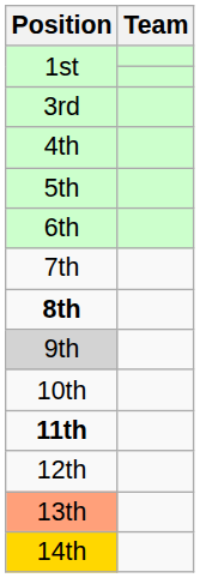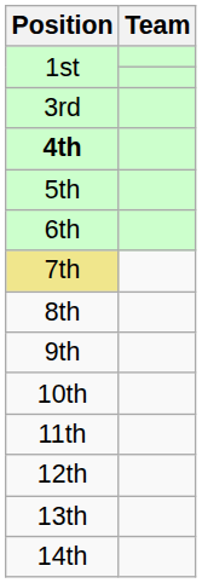 <table class="wikitable">
 <tr>
 <th>Position</th>
 <th>Team</th>
 </tr>
 <tr style="background:#cfc">
 <td style="text-align:center" rowspan=2>1st</td>
 <td></td>
 </tr>
 <tr style="background:#cfc">
 <td></td>
 </tr>
 <tr style="background:#cfc">
 <td style="text-align:center">3rd</td>
 <td></td>
 </tr>
 <tr style="background:#cfc">
-<td style="text-align:center">4th</td>
+<td style="text-align:center"><strong>4th</strong></td>
 <td></td>
 </tr>
 <tr style="background:#cfc">
 <td style="text-align:center">5th</td>
 <td></td>
 </tr>
 <tr style="background:#cfc">
 <td style="text-align:center">6th</td>
 <td></td>
 </tr>
 <tr>
-<td style="text-align:center">7th</td>
+<td style="background: khaki; text-align:center">7th</td>
 <td></td>
 </tr>
 <tr>
-<td style="text-align:center"><strong>8th</strong></td>
+<td style="text-align:center">8th</td>
 <td></td>
 </tr>
 <tr>
-<td style="background: lightgrey; text-align:center">9th</td>
+<td style="text-align:center">9th</td>
 <td></td>
 </tr>
 <tr>
 <td style="text-align:center">10th</td>
 <td></td>
 </tr>
 <tr>
-<td style="text-align:center"><strong>11th</strong></td>
+<td style="text-align:center">11th</td>
 <td></td>
 </tr>
 <tr>
 <td style="text-align:center">12th</td>
 <td></td>
 </tr>
 <tr>
-<td style="background: lightsalmon; text-align:center">13th</td>
+<td style="text-align:center">13th</td>
 <td></td>
 </tr>
 <tr>
-<td style="background: gold; text-align:center">14th</td>
+<td style="text-align:center">14th</td>
 <td></td>
 </tr>
 </table>
